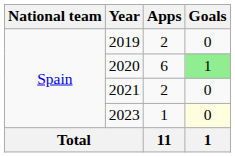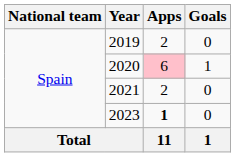 <table class="wikitable" style="text-align:center">
 <tr>
 <th>National team</th>
 <th>Year</th>
 <th>Apps</th>
 <th>Goals</th>
 </tr>
 <tr>
 <td rowspan="4"><a href='#'>Spain</a></td>
 <td>2019</td>
 <td>2</td>
 <td>0</td>
 </tr>
 <tr>
 <td>2020</td>
-<td>6</td>
-<td style="background: lightgreen;">1</td>
+<td style="background: pink;">6</td>
+<td>1</td>
 </tr>
 <tr>
 <td>2021</td>
 <td>2</td>
 <td>0</td>
 </tr>
 <tr>
 <td>2023</td>
-<td>1</td>
-<td style="background: lightyellow;">0</td>
+<td><strong>1</strong></td>
+<td>0</td>
 </tr>
 <tr>
 <th colspan="2">Total</th>
 <th>11</th>
 <th>1</th>
 </tr>
 </table>
